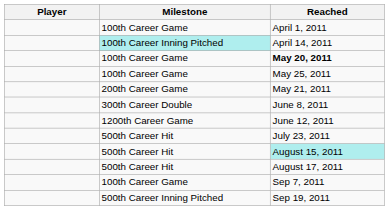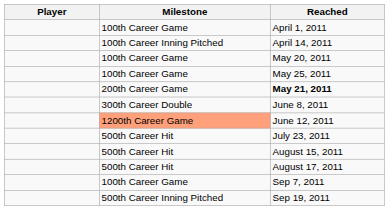 <table class="wikitable sortable" style="width:100%;">
 <tr align=center>
 <th style="width:25%;">Player</th>
 <th style="width:45%;">Milestone</th>
 <th style="width:30%;" data-sort-type="date">Reached</th>
 </tr>
 <tr>
 <td></td>
 <td>100th Career Game</td>
 <td>April 1, 2011</td>
 </tr>
 <tr>
 <td></td>
-<td style="background: paleturquoise;">100th Career Inning Pitched</td>
+<td>100th Career Inning Pitched</td>
 <td>April 14, 2011</td>
 </tr>
 <tr>
 <td></td>
 <td>100th Career Game</td>
-<td><strong>May 20, 2011</strong></td>
+<td>May 20, 2011</td>
 </tr>
 <tr>
 <td></td>
 <td>100th Career Game</td>
 <td>May 25, 2011</td>
 </tr>
 <tr>
 <td></td>
 <td>200th Career Game</td>
-<td>May 21, 2011</td>
+<td><strong>May 21, 2011</strong></td>
 </tr>
 <tr>
 <td></td>
 <td>300th Career Double</td>
 <td>June 8, 2011</td>
 </tr>
 <tr>
 <td></td>
-<td>1200th Career Game</td>
+<td style="background: lightsalmon;">1200th Career Game</td>
 <td>June 12, 2011</td>
 </tr>
 <tr>
 <td></td>
 <td>500th Career Hit</td>
 <td>July 23, 2011</td>
 </tr>
 <tr>
 <td></td>
 <td>500th Career Hit</td>
-<td style="background: paleturquoise;">August 15, 2011</td>
+<td>August 15, 2011</td>
 </tr>
 <tr>
 <td></td>
 <td>500th Career Hit</td>
 <td>August 17, 2011</td>
 </tr>
 <tr>
 <td></td>
 <td>100th Career Game</td>
 <td>Sep 7, 2011</td>
 </tr>
 <tr>
 <td></td>
 <td>500th Career Inning Pitched</td>
 <td>Sep 19, 2011</td>
 </tr>
 </table>
